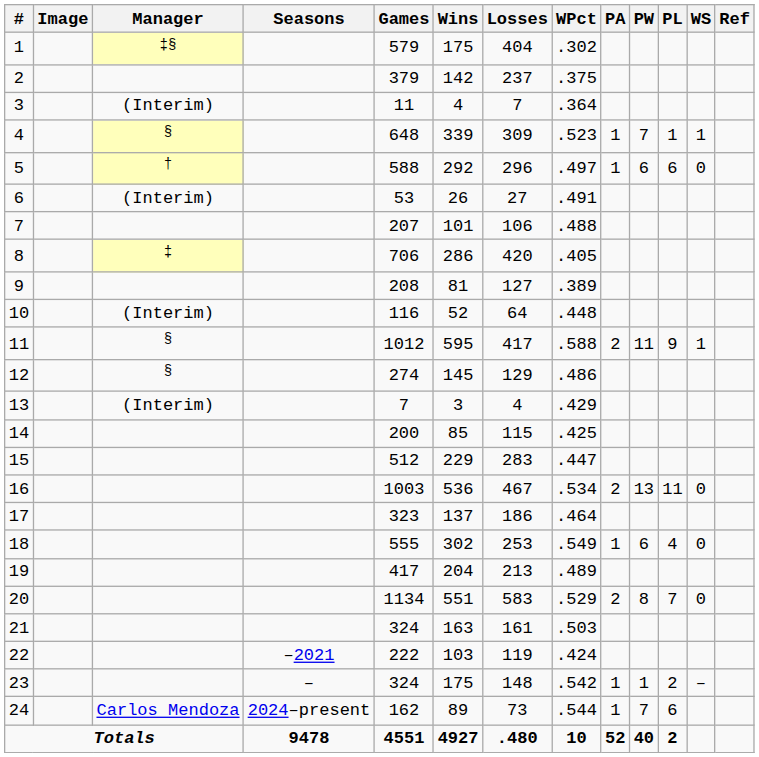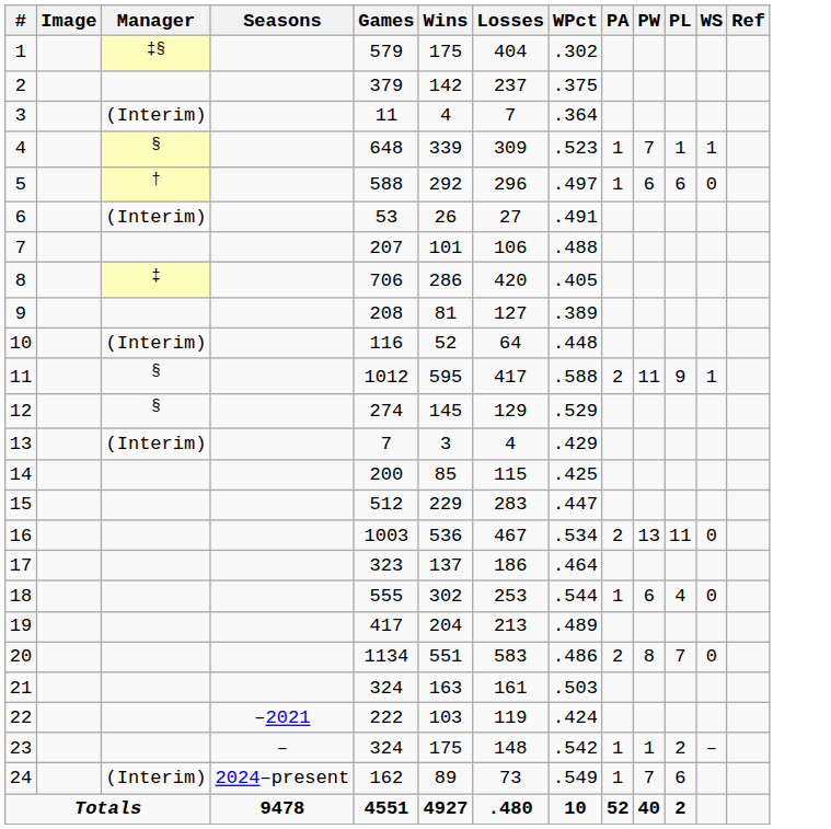 <table class="wikitable sortable" style="text-align:center">
 <tr>
 <th>#</th>
 <th>Image</th>
 <th>Manager</th>
 <th>Seasons</th>
 <th>Games</th>
 <th>Wins</th>
 <th>Losses</th>
 <th>WPct</th>
 <th>PA</th>
 <th>PW</th>
 <th>PL</th>
 <th>WS</th>
 <th class="unsortable">Ref</th>
 </tr>
 <tr>
 <td>1</td>
 <td></td>
 <td bgcolor="#ffffbb"><sup>‡§</sup></td>
 <td></td>
 <td>579</td>
 <td>175</td>
 <td>404</td>
 <td>.302</td>
 <td></td>
 <td></td>
 <td></td>
 <td></td>
 <td></td>
 </tr>
 <tr>
 <td>2</td>
 <td></td>
 <td></td>
 <td></td>
 <td>379</td>
 <td>142</td>
 <td>237</td>
 <td>.375</td>
 <td></td>
 <td></td>
 <td></td>
 <td></td>
 <td></td>
 </tr>
 <tr>
 <td>3</td>
 <td></td>
 <td> (Interim)</td>
 <td></td>
 <td>11</td>
 <td>4</td>
 <td>7</td>
 <td>.364</td>
 <td></td>
 <td></td>
 <td></td>
 <td></td>
 <td></td>
 </tr>
 <tr>
 <td>4</td>
 <td></td>
 <td bgcolor="#ffffbb"><sup>§</sup></td>
 <td></td>
 <td>648</td>
 <td>339</td>
 <td>309</td>
 <td>.523</td>
 <td>1</td>
 <td>7</td>
 <td>1</td>
 <td>1</td>
 <td></td>
 </tr>
 <tr>
 <td>5</td>
 <td></td>
 <td bgcolor="#ffffbb"><sup>†</sup></td>
 <td></td>
 <td>588</td>
 <td>292</td>
 <td>296</td>
 <td>.497</td>
 <td>1</td>
 <td>6</td>
 <td>6</td>
 <td>0</td>
 <td></td>
 </tr>
 <tr>
 <td>6</td>
 <td></td>
 <td> (Interim)</td>
 <td></td>
 <td>53</td>
 <td>26</td>
 <td>27</td>
 <td>.491</td>
 <td></td>
 <td></td>
 <td></td>
 <td></td>
 <td></td>
 </tr>
 <tr>
 <td>7</td>
 <td></td>
 <td></td>
 <td></td>
 <td>207</td>
 <td>101</td>
 <td>106</td>
 <td>.488</td>
 <td></td>
 <td></td>
 <td></td>
 <td></td>
 <td></td>
 </tr>
 <tr>
 <td>8</td>
 <td></td>
 <td bgcolor="#ffffbb"><sup>‡</sup></td>
 <td></td>
 <td>706</td>
 <td>286</td>
 <td>420</td>
 <td>.405</td>
 <td></td>
 <td></td>
 <td></td>
 <td></td>
 <td></td>
 </tr>
 <tr>
 <td>9</td>
 <td></td>
 <td></td>
 <td></td>
 <td>208</td>
 <td>81</td>
 <td>127</td>
 <td>.389</td>
 <td></td>
 <td></td>
 <td></td>
 <td></td>
 <td></td>
 </tr>
 <tr>
 <td>10</td>
 <td></td>
 <td> (Interim)</td>
 <td></td>
 <td>116</td>
 <td>52</td>
 <td>64</td>
 <td>.448</td>
 <td></td>
 <td></td>
 <td></td>
 <td></td>
 <td></td>
 </tr>
 <tr>
 <td>11</td>
 <td></td>
 <td><sup>§</sup></td>
 <td></td>
 <td>1012</td>
 <td>595</td>
 <td>417</td>
 <td>.588</td>
 <td>2</td>
 <td>11</td>
 <td>9</td>
 <td>1</td>
 <td></td>
 </tr>
 <tr>
 <td>12</td>
 <td></td>
 <td><sup>§</sup></td>
 <td></td>
 <td>274</td>
 <td>145</td>
 <td>129</td>
-<td>.486</td>
+<td>.529</td>
 <td></td>
 <td></td>
 <td></td>
 <td></td>
 <td></td>
 </tr>
 <tr>
 <td>13</td>
 <td></td>
 <td> (Interim)</td>
 <td></td>
 <td>7</td>
 <td>3</td>
 <td>4</td>
 <td>.429</td>
 <td></td>
 <td></td>
 <td></td>
 <td></td>
 <td></td>
 </tr>
 <tr>
 <td>14</td>
 <td></td>
 <td></td>
 <td></td>
 <td>200</td>
 <td>85</td>
 <td>115</td>
 <td>.425</td>
 <td></td>
 <td></td>
 <td></td>
 <td></td>
 <td></td>
 </tr>
 <tr>
 <td>15</td>
 <td></td>
 <td></td>
 <td></td>
 <td>512</td>
 <td>229</td>
 <td>283</td>
 <td>.447</td>
 <td></td>
 <td></td>
 <td></td>
 <td></td>
 <td></td>
 </tr>
 <tr>
 <td>16</td>
 <td></td>
 <td></td>
 <td></td>
 <td>1003</td>
 <td>536</td>
 <td>467</td>
 <td>.534</td>
 <td>2</td>
 <td>13</td>
 <td>11</td>
 <td>0</td>
 <td></td>
 </tr>
 <tr>
 <td>17</td>
 <td></td>
 <td></td>
 <td></td>
 <td>323</td>
 <td>137</td>
 <td>186</td>
 <td>.464</td>
 <td></td>
 <td></td>
 <td></td>
 <td></td>
 <td></td>
 </tr>
 <tr>
 <td>18</td>
 <td></td>
 <td></td>
 <td></td>
 <td>555</td>
 <td>302</td>
 <td>253</td>
-<td>.549</td>
+<td>.544</td>
 <td>1</td>
 <td>6</td>
 <td>4</td>
 <td>0</td>
 <td></td>
 </tr>
 <tr>
 <td>19</td>
 <td></td>
 <td></td>
 <td></td>
 <td>417</td>
 <td>204</td>
 <td>213</td>
 <td>.489</td>
 <td></td>
 <td></td>
 <td></td>
 <td></td>
 <td></td>
 </tr>
 <tr>
 <td>20</td>
 <td></td>
 <td></td>
 <td></td>
 <td>1134</td>
 <td>551</td>
 <td>583</td>
-<td>.529</td>
+<td>.486</td>
 <td>2</td>
 <td>8</td>
 <td>7</td>
 <td>0</td>
 <td></td>
 </tr>
 <tr>
 <td>21</td>
 <td></td>
 <td></td>
 <td></td>
 <td>324</td>
 <td>163</td>
 <td>161</td>
 <td>.503</td>
 <td></td>
 <td></td>
 <td></td>
 <td></td>
 <td></td>
 </tr>
 <tr>
 <td>22</td>
 <td></td>
 <td></td>
 <td>–<a href='#'>2021</a></td>
 <td>222</td>
 <td>103</td>
 <td>119</td>
 <td>.424</td>
 <td></td>
 <td></td>
 <td></td>
 <td></td>
 <td></td>
 </tr>
 <tr>
 <td>23</td>
 <td></td>
 <td></td>
 <td>–</td>
 <td>324</td>
 <td>175</td>
 <td>148</td>
 <td>.542</td>
 <td>1</td>
 <td>1</td>
 <td>2</td>
 <td>–</td>
 <td></td>
 </tr>
 <tr>
 <td>24</td>
 <td></td>
-<td><a href='#'>Carlos Mendoza</a></td>
+<td> (Interim)</td>
 <td><a href='#'>2024</a>–present</td>
 <td>162</td>
 <td>89</td>
 <td>73</td>
-<td>.544</td>
+<td>.549</td>
 <td>1</td>
 <td>7</td>
 <td>6</td>
 <td></td>
 <td></td>
 </tr>
 <tr class="sortbottom">
 <td colspan="3"><strong><em>Totals</em></strong></td>
 <td><strong>9478</strong></td>
 <td><strong>4551</strong></td>
 <td><strong>4927</strong></td>
 <td><strong>.480</strong></td>
 <td><strong>10</strong></td>
 <td><strong>52</strong></td>
 <td><strong>40</strong></td>
 <td><strong>2</strong></td>
 <td></td>
 </tr>
 </table>
